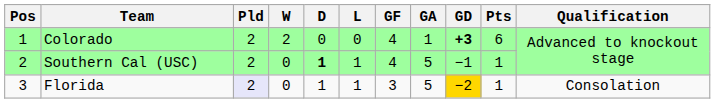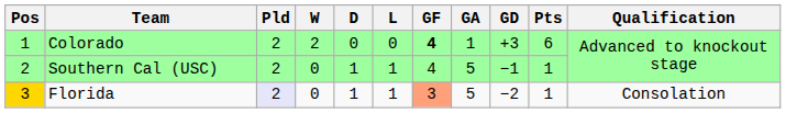 <table class="wikitable" style="text-align:center; margin: 1em auto">
 <tr>
 <th style="width:2em">Pos</th>
 <th style="width:13em">Team</th>
 <th style="width:2em">Pld</th>
 <th style="width:2em">W</th>
 <th style="width:2em">D</th>
 <th style="width:2em">L</th>
 <th style="width:2em">GF</th>
 <th style="width:2em">GA</th>
 <th style="width:2em">GD</th>
 <th style="width:2em">Pts</th>
 <th style="width:13em">Qualification</th>
 </tr>
 <tr bgcolor="#9eff9e">
 <td>1</td>
 <td style="text-align:left">Colorado</td>
 <td>2</td>
 <td>2</td>
 <td>0</td>
 <td>0</td>
-<td>4</td>
+<td><strong>4</strong></td>
 <td>1</td>
-<td><strong>+3</strong></td>
+<td>+3</td>
 <td>6</td>
 <td rowspan="2">Advanced to knockout stage</td>
 </tr>
 <tr bgcolor="#9eff9e">
 <td>2</td>
 <td style="text-align:left">Southern Cal (USC)</td>
 <td>2</td>
 <td>0</td>
-<td><strong>1</strong></td>
+<td>1</td>
 <td>1</td>
 <td>4</td>
 <td>5</td>
 <td>−1</td>
 <td>1</td>
 </tr>
 <tr>
-<td>3</td>
+<td style="background: gold;">3</td>
 <td style="text-align:left">Florida</td>
 <td style="background: lavender;">2</td>
 <td>0</td>
 <td>1</td>
 <td>1</td>
-<td>3</td>
+<td style="background: lightsalmon;">3</td>
 <td>5</td>
-<td style="background: gold;">−2</td>
+<td>−2</td>
 <td>1</td>
 <td>Consolation</td>
 </tr>
 </table>
